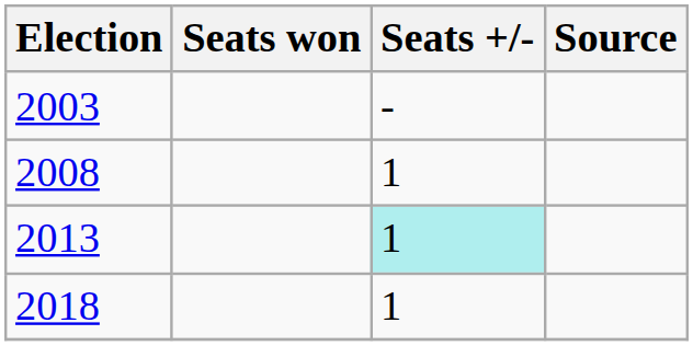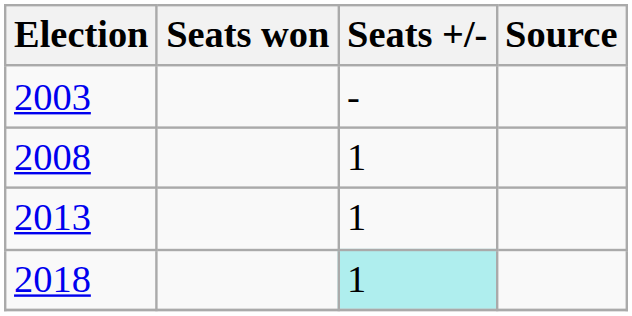 <table class="wikitable sortable">
 <tr>
 <th>Election</th>
 <th>Seats won</th>
 <th>Seats +/-</th>
 <th>Source</th>
 </tr>
 <tr>
 <td><a href='#'>2003</a></td>
 <td></td>
 <td>-</td>
 <td></td>
 </tr>
 <tr>
 <td><a href='#'>2008</a></td>
 <td></td>
 <td>1</td>
 <td></td>
 </tr>
 <tr>
 <td><a href='#'>2013</a></td>
 <td></td>
-<td style="background: paleturquoise;">1</td>
+<td>1</td>
 <td></td>
 </tr>
 <tr>
 <td><a href='#'>2018</a></td>
 <td></td>
-<td>1</td>
+<td style="background: paleturquoise;">1</td>
 <td></td>
 </tr>
 <tr>
 </tr>
 </table>
